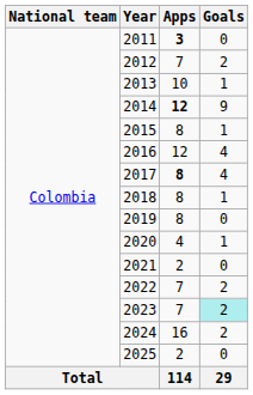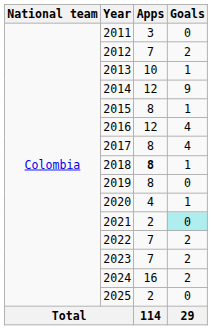 <table class="wikitable" style="text-align:center">
 <tr>
 <th>National team</th>
 <th>Year</th>
 <th>Apps</th>
 <th>Goals</th>
 </tr>
 <tr>
 <td rowspan="15"><a href='#'>Colombia</a></td>
 <td>2011</td>
-<td><strong>3</strong></td>
+<td>3</td>
 <td>0</td>
 </tr>
 <tr>
 <td>2012</td>
 <td>7</td>
 <td>2</td>
 </tr>
 <tr>
 <td>2013</td>
 <td>10</td>
 <td>1</td>
 </tr>
 <tr>
 <td>2014</td>
-<td><strong>12</strong></td>
+<td>12</td>
 <td>9</td>
 </tr>
 <tr>
 <td>2015</td>
 <td>8</td>
 <td>1</td>
 </tr>
 <tr>
 <td>2016</td>
 <td>12</td>
 <td>4</td>
 </tr>
 <tr>
 <td>2017</td>
-<td><strong>8</strong></td>
+<td>8</td>
 <td>4</td>
 </tr>
 <tr>
 <td>2018</td>
-<td>8</td>
+<td><strong>8</strong></td>
 <td>1</td>
 </tr>
 <tr>
 <td>2019</td>
 <td>8</td>
 <td>0</td>
 </tr>
 <tr>
 <td>2020</td>
 <td>4</td>
 <td>1</td>
 </tr>
 <tr>
 <td>2021</td>
 <td>2</td>
-<td>0</td>
+<td style="background: paleturquoise;">0</td>
 </tr>
 <tr>
 <td>2022</td>
 <td>7</td>
 <td>2</td>
 </tr>
 <tr>
 <td>2023</td>
 <td>7</td>
-<td style="background: paleturquoise;">2</td>
+<td>2</td>
 </tr>
 <tr>
 <td>2024</td>
 <td>16</td>
 <td>2</td>
 </tr>
 <tr>
 <td>2025</td>
 <td>2</td>
 <td>0</td>
 </tr>
 <tr>
 <th colspan="2">Total</th>
 <th>114</th>
 <th>29</th>
 </tr>
 </table>
